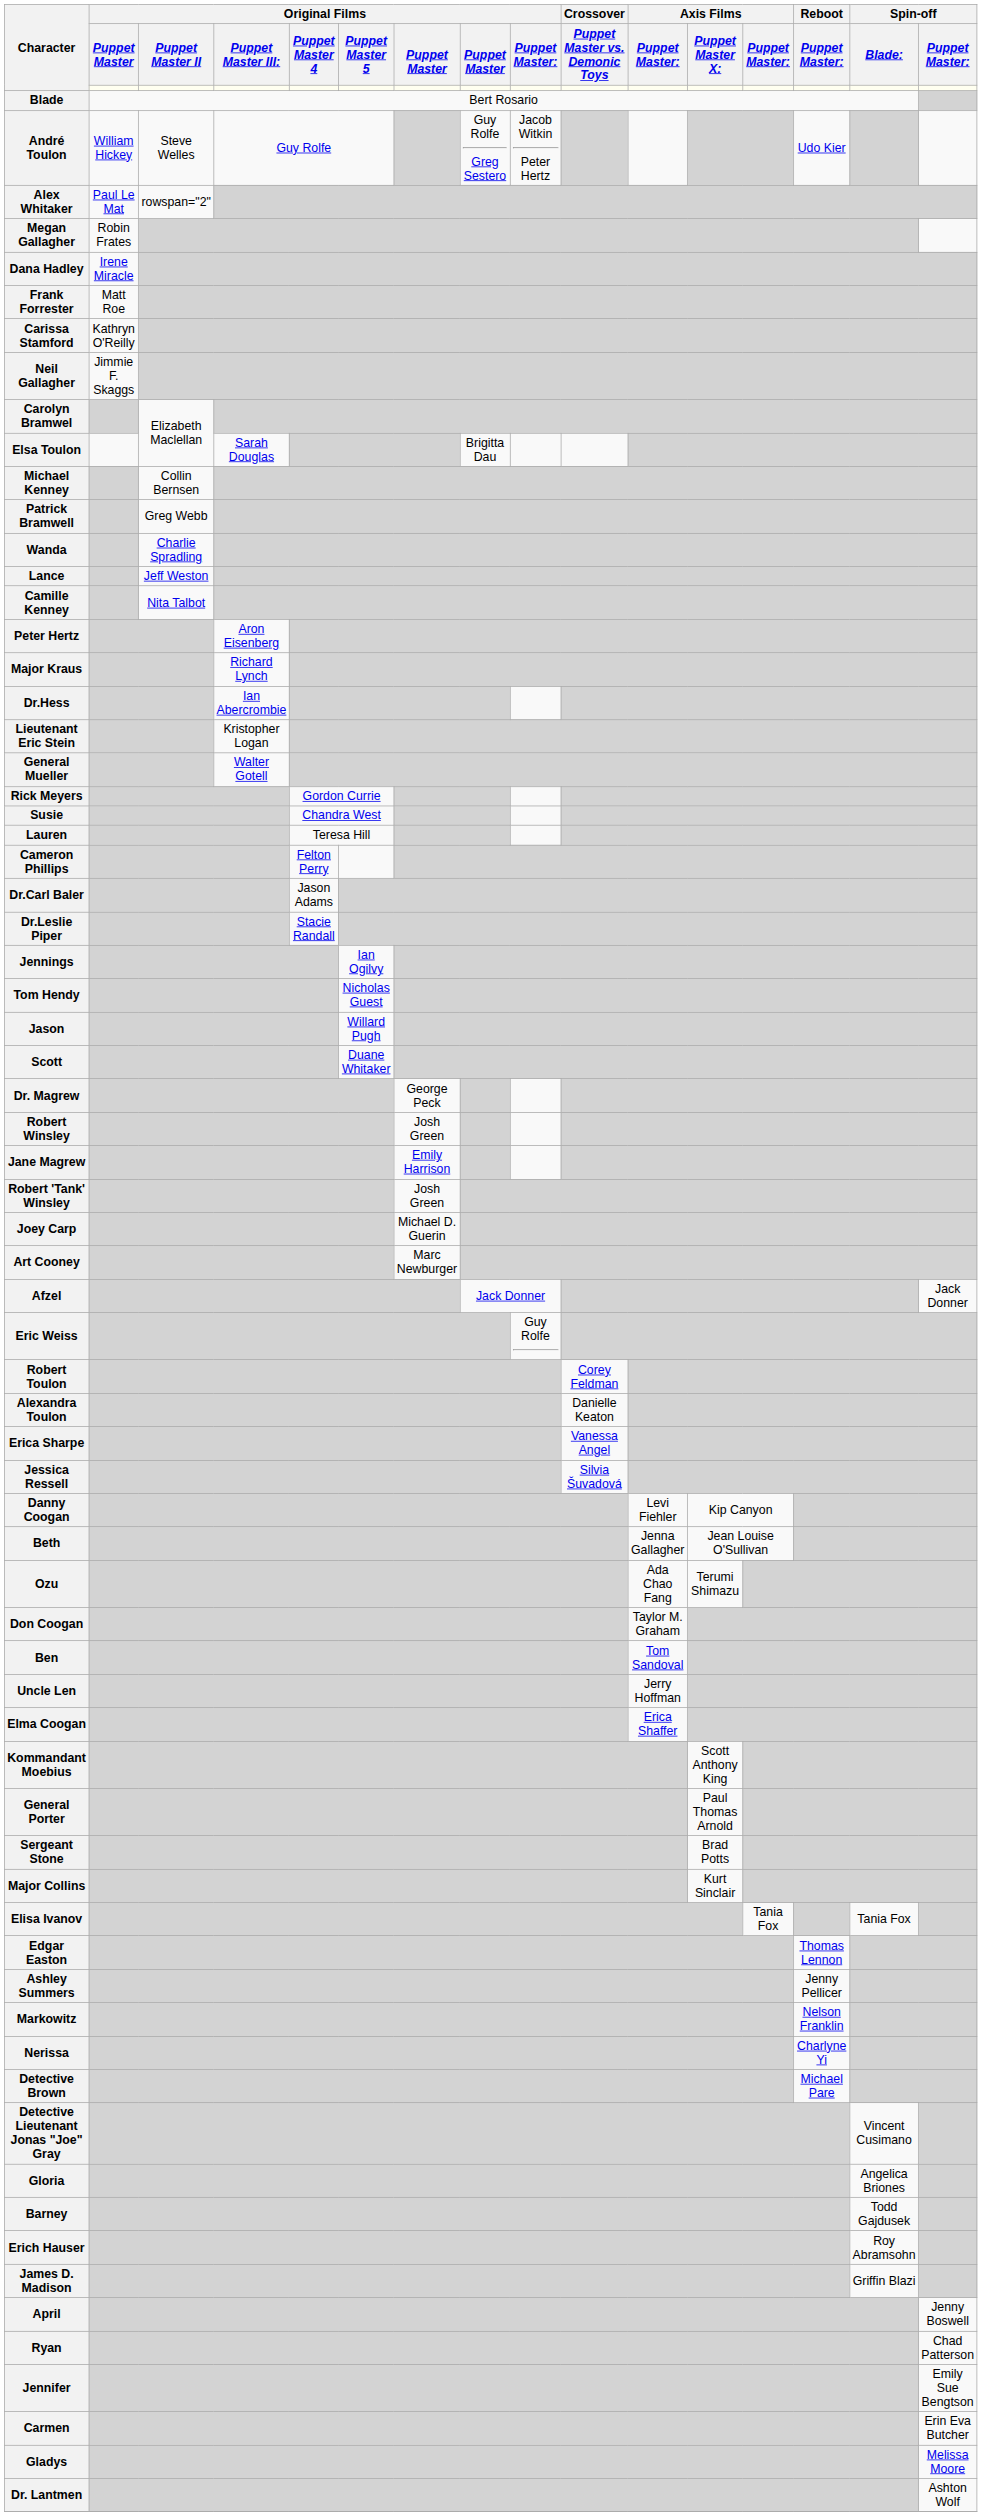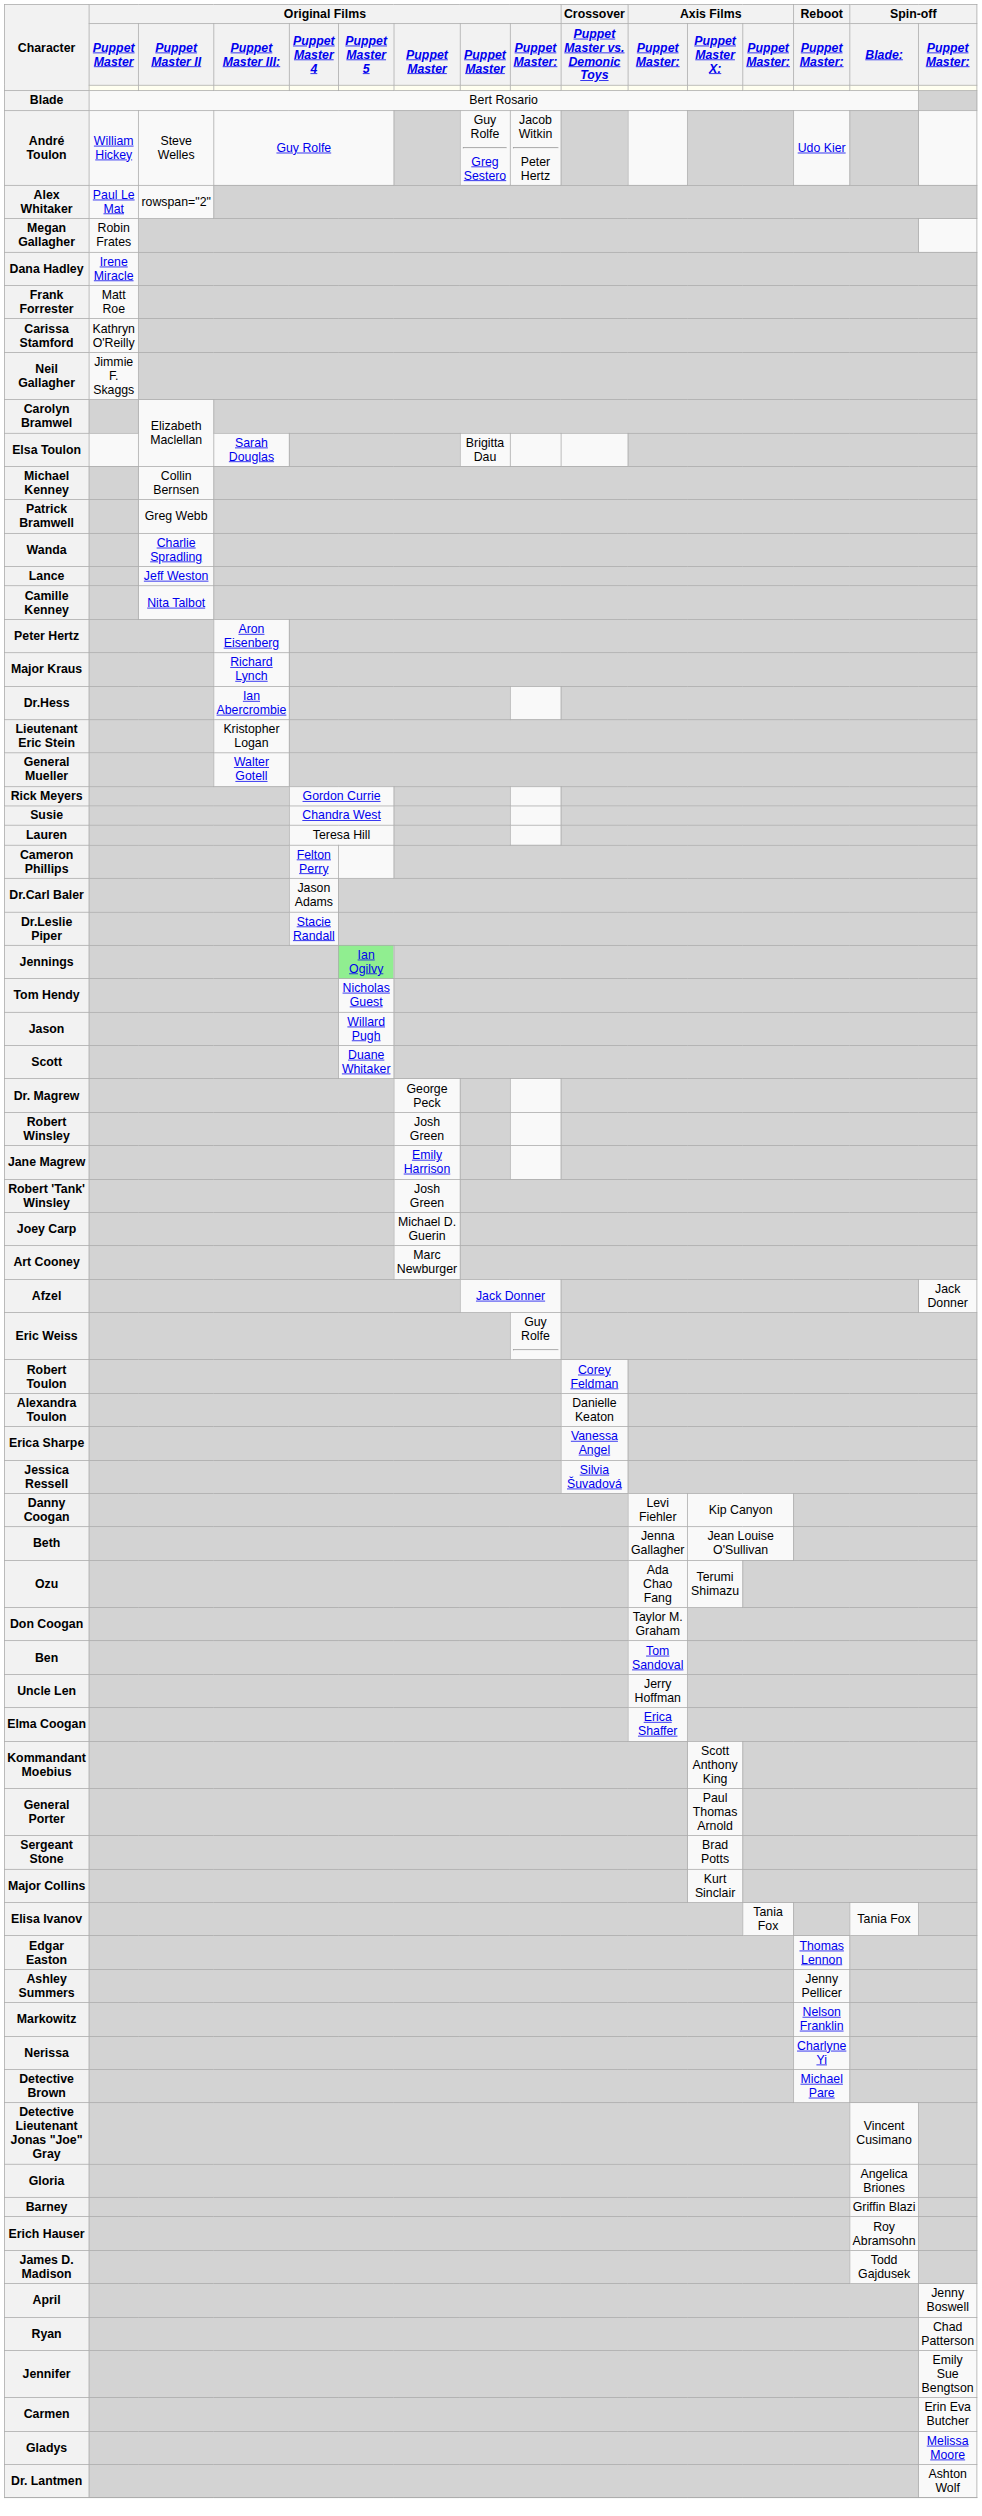 <table class="wikitable" style="text-align:center" width=100%>
 <tr>
 <th rowspan="3" width="6%">Character</th>
 <th colspan="8" align="center">Original Films</th>
 <th colspan="1" align="center">Crossover</th>
 <th colspan="3" align="center">Axis Films</th>
 <th colspan="1" align="center">Reboot</th>
 <th colspan="2" align="center">Spin-off</th>
 </tr>
 <tr>
 <th align="center" width="7%"><em><a href='#'>Puppet Master</a></em></th>
 <th align="center" width="7%"><em><a href='#'>Puppet Master II</a></em></th>
 <th align="center" width="7%"><em><a href='#'>Puppet Master III:<br></a></em></th>
 <th align="center" width="7%"><em><a href='#'>Puppet Master 4</a></em></th>
 <th align="center" width="7%"><em><a href='#'>Puppet Master 5</a></em></th>
 <th align="center" width="7%"><em><a href='#'><br>Puppet Master</a></em></th>
 <th align="center" width="7%"><em><a href='#'><br>Puppet Master</a></em></th>
 <th align="center" width="7%"><em><a href='#'>Puppet Master:<br></a></em></th>
 <th align="center" width="7%"><em><a href='#'>Puppet Master vs. Demonic Toys</a></em></th>
 <th align="center" width="7%"><em><a href='#'>Puppet Master:<br></a></em></th>
 <th align="center" width="7%"><em><a href='#'>Puppet Master X:<br></a></em></th>
 <th align="center" width="7%"><em><a href='#'>Puppet Master:<br></a></em></th>
 <th align="center" width="7%"><em><a href='#'>Puppet Master:<br></a></em></th>
 <th align="center" width="7%"><em><a href='#'>Blade:<br></a></em></th>
 <th align="center" width="7%"><em><a href='#'>Puppet Master:<br></a></em></th>
 </tr>
 <tr>
 <th style="background-color:ivory;"><span></span></th>
 <th style="background-color:ivory;"><span></span></th>
 <th style="background-color:ivory;"><span></span></th>
 <th style="background-color:ivory;"><span></span></th>
 <th style="background-color:ivory;"><span></span></th>
 <th style="background-color:ivory;"><span></span></th>
 <th style="background-color:ivory;"><span></span></th>
 <th style="background-color:ivory;"><span></span></th>
 <th style="background-color:ivory;"><span></span></th>
 <th style="background-color:ivory;"><span></span></th>
 <th style="background-color:ivory;"><span></span></th>
 <th style="background-color:ivory;"><span></span></th>
 <th style="background-color:ivory;"><span></span></th>
 <th style="background-color:ivory;"><span></span></th>
 <th style="background-color:ivory;"><span></span></th>
 </tr>
 <tr>
 <th>Blade</th>
 <td colspan="14">Bert Rosario</td>
 <td style="background-color: #d3d3d3"></td>
 </tr>
 <tr>
 <th>André Toulon</th>
 <td><a href='#'>William Hickey</a></td>
 <td>Steve Welles</td>
 <td colspan="3"><a href='#'>Guy Rolfe</a></td>
 <td style="background-color: #d3d3d3"></td>
 <td>Guy Rolfe<hr><a href='#'>Greg Sestero</a></td>
 <td>Jacob Witkin<hr>Peter Hertz</td>
 <td style="background-color: #d3d3d3"></td>
 <td></td>
 <td colspan="2" style="background-color: #d3d3d3"></td>
 <td><a href='#'>Udo Kier</a></td>
 <td style="background-color: #d3d3d3"></td>
 <td></td>
 </tr>
 <tr>
 <th>Alex Whitaker</th>
 <td><a href='#'>Paul Le Mat</a></td>
 <td>rowspan="2" </td>
 <td colspan="13" style="background-color: #d3d3d3"></td>
 </tr>
 <tr>
 <th>Megan Gallagher</th>
 <td>Robin Frates</td>
 <td colspan="13" style="background-color: #d3d3d3"></td>
 </tr>
 <tr>
 <th>Dana Hadley</th>
 <td><a href='#'>Irene Miracle</a></td>
 <td colspan="14" style="background-color: #d3d3d3"></td>
 </tr>
 <tr>
 <th>Frank Forrester</th>
 <td>Matt Roe</td>
 <td colspan="14" style="background-color: #d3d3d3"></td>
 </tr>
 <tr>
 <th>Carissa Stamford</th>
 <td>Kathryn O'Reilly</td>
 <td colspan="14" style="background-color: #d3d3d3"></td>
 </tr>
 <tr>
 <th>Neil Gallagher</th>
 <td>Jimmie F. Skaggs</td>
 <td colspan="14" style="background-color: #d3d3d3"></td>
 </tr>
 <tr>
 <th>Carolyn Bramwel</th>
 <td style="background-color:#D3D3D3;"></td>
 <td rowspan="2">Elizabeth Maclellan</td>
 <td colspan="13" style="background-color: #d3d3d3"></td>
 </tr>
 <tr>
 <th>Elsa Toulon</th>
 <td></td>
 <td><a href='#'>Sarah Douglas</a></td>
 <td colspan="3" style="background-color: #d3d3d3"></td>
 <td>Brigitta Dau</td>
 <td></td>
 <td></td>
 <td colspan="6" style="background-color: #d3d3d3"></td>
 </tr>
 <tr>
 <th>Michael Kenney</th>
 <td style="background-color:#D3D3D3;"></td>
 <td>Collin Bernsen</td>
 <td colspan="13" style="background-color: #d3d3d3"></td>
 </tr>
 <tr>
 <th>Patrick Bramwell</th>
 <td style="background-color: #d3d3d3"></td>
 <td>Greg Webb</td>
 <td colspan="13" style="background-color: #d3d3d3"></td>
 </tr>
 <tr>
 <th>Wanda</th>
 <td style="background-color: #d3d3d3"></td>
 <td><a href='#'>Charlie Spradling</a></td>
 <td colspan="13" style="background-color: #d3d3d3"></td>
 </tr>
 <tr>
 <th>Lance</th>
 <td style="background-color: #d3d3d3"></td>
 <td><a href='#'>Jeff Weston</a></td>
 <td colspan="13" style="background-color: #d3d3d3"></td>
 </tr>
 <tr>
 <th>Camille Kenney</th>
 <td style="background-color: #d3d3d3"></td>
 <td><a href='#'>Nita Talbot</a></td>
 <td colspan="13" style="background-color: #d3d3d3"></td>
 </tr>
 <tr>
 <th>Peter Hertz</th>
 <td colspan="2" style="background-color:#D3D3D3;"></td>
 <td><a href='#'>Aron Eisenberg</a></td>
 <td colspan="12" style="background-color:#D3D3D3;"></td>
 </tr>
 <tr>
 <th>Major Kraus</th>
 <td colspan="2" style="background-color:#D3D3D3;"></td>
 <td><a href='#'>Richard Lynch</a></td>
 <td colspan="12" style="background-color:#D3D3D3;"></td>
 </tr>
 <tr>
 <th>Dr.Hess</th>
 <td colspan="2" style="background-color:#D3D3D3;"></td>
 <td><a href='#'>Ian Abercrombie</a></td>
 <td colspan="4" style="background-color:#D3D3D3;"></td>
 <td></td>
 <td colspan="7" style="background-color:#D3D3D3;"></td>
 </tr>
 <tr>
 <th>Lieutenant Eric Stein</th>
 <td colspan="2" style="background-color:#D3D3D3;"></td>
 <td>Kristopher Logan</td>
 <td colspan="12" style="background-color:#D3D3D3;"></td>
 </tr>
 <tr>
 <th>General Mueller</th>
 <td colspan="2" style="background-color:#D3D3D3;"></td>
 <td><a href='#'>Walter Gotell</a></td>
 <td colspan="12" style="background-color:#D3D3D3;"></td>
 </tr>
 <tr>
 <th>Rick Meyers</th>
 <td colspan="3" style="background-color:#D3D3D3;"></td>
 <td colspan="2"><a href='#'>Gordon Currie</a></td>
 <td colspan="2" style="background-color:#D3D3D3;"></td>
 <td></td>
 <td colspan="7" style="background-color:#D3D3D3;"></td>
 </tr>
 <tr>
 <th>Susie</th>
 <td colspan="3" style="background-color:#D3D3D3;"></td>
 <td colspan="2"><a href='#'>Chandra West</a></td>
 <td colspan="2" style="background-color:#D3D3D3;"></td>
 <td></td>
 <td colspan="7" style="background-color:#D3D3D3;"></td>
 </tr>
 <tr>
 <th>Lauren</th>
 <td colspan="3" style="background-color:#D3D3D3;"></td>
 <td colspan="2">Teresa Hill</td>
 <td colspan="2" style="background-color:#D3D3D3;"></td>
 <td></td>
 <td colspan="7" style="background-color:#D3D3D3;"></td>
 </tr>
 <tr>
 <th>Cameron Phillips</th>
 <td colspan="3" style="background-color:#D3D3D3;"></td>
 <td><a href='#'>Felton Perry</a></td>
 <td></td>
 <td colspan="10" style="background-color:#D3D3D3;"></td>
 </tr>
 <tr>
 <th>Dr.Carl Baler</th>
 <td colspan="3" style="background-color:#D3D3D3;"></td>
 <td>Jason Adams</td>
 <td colspan="11" style="background-color:#D3D3D3;"></td>
 </tr>
 <tr>
 <th>Dr.Leslie Piper</th>
 <td colspan="3" style="background-color:#D3D3D3;"></td>
 <td><a href='#'>Stacie Randall</a></td>
 <td colspan="11" style="background-color:#D3D3D3;"></td>
 </tr>
 <tr>
 <th>Jennings</th>
 <td colspan="4" style="background-color:#D3D3D3;"></td>
-<td><a href='#'>Ian Ogilvy</a></td>
+<td style="background: lightgreen;"><a href='#'>Ian Ogilvy</a></td>
 <td colspan="10" style="background-color:#D3D3D3;"></td>
 </tr>
 <tr>
 <th>Tom Hendy</th>
 <td colspan="4" style="background-color:#D3D3D3;"></td>
 <td><a href='#'>Nicholas Guest</a></td>
 <td colspan="10" style="background-color:#D3D3D3;"></td>
 </tr>
 <tr>
 <th>Jason</th>
 <td colspan="4" style="background-color:#D3D3D3;"></td>
 <td><a href='#'>Willard Pugh</a></td>
 <td colspan="10" style="background-color:#D3D3D3;"></td>
 </tr>
 <tr>
 <th>Scott</th>
 <td colspan="4" style="background-color:#D3D3D3;"></td>
 <td><a href='#'>Duane Whitaker</a></td>
 <td colspan="10" style="background-color:#D3D3D3;"></td>
 </tr>
 <tr>
 <th>Dr. Magrew</th>
 <td colspan="5" style="background-color:#D3D3D3;"></td>
 <td>George Peck</td>
 <td style="background-color:#D3D3D3;"></td>
 <td></td>
 <td colspan="7" style="background-color:#D3D3D3;"></td>
 </tr>
 <tr>
 <th>Robert Winsley</th>
 <td colspan="5" style="background-color:#D3D3D3;"></td>
 <td>Josh Green</td>
 <td style="background-color:#D3D3D3;"></td>
 <td></td>
 <td colspan="7" style="background-color:#D3D3D3;"></td>
 </tr>
 <tr>
 <th>Jane Magrew</th>
 <td colspan="5" style="background-color:#D3D3D3;"></td>
 <td><a href='#'>Emily Harrison</a></td>
 <td style="background-color:#D3D3D3;"></td>
 <td></td>
 <td colspan="7" style="background-color:#D3D3D3;"></td>
 </tr>
 <tr>
 <th>Robert 'Tank' Winsley</th>
 <td colspan="5" style="background-color:#D3D3D3;"></td>
 <td>Josh Green</td>
 <td colspan="9" style="background-color:#D3D3D3;"></td>
 </tr>
 <tr>
 <th>Joey Carp</th>
 <td colspan="5" style="background-color:#D3D3D3;"></td>
 <td>Michael D. Guerin</td>
 <td colspan="9" style="background-color:#D3D3D3;"></td>
 </tr>
 <tr>
 <th>Art Cooney</th>
 <td colspan="5" style="background-color:#D3D3D3;"></td>
 <td>Marc Newburger</td>
 <td colspan="9" style="background-color:#D3D3D3;"></td>
 </tr>
 <tr>
 <th>Afzel</th>
 <td colspan="6" style="background-color:#D3D3D3;"></td>
 <td colspan="2"><a href='#'>Jack Donner</a></td>
 <td colspan="6" style="background-color:#D3D3D3;"></td>
 <td>Jack Donner</td>
 </tr>
 <tr>
 <th>Eric Weiss</th>
 <td colspan="7" style="background-color:#D3D3D3;"></td>
 <td>Guy Rolfe<hr></td>
 <td colspan="7" style="background-color:#D3D3D3;"></td>
 </tr>
 <tr>
 <th>Robert Toulon</th>
 <td colspan="8" style="background-color:#D3D3D3;"></td>
 <td><a href='#'>Corey Feldman</a></td>
 <td colspan="6" style="background-color:#D3D3D3;"></td>
 </tr>
 <tr>
 <th>Alexandra Toulon</th>
 <td colspan="8" style="background-color:#D3D3D3;"></td>
 <td>Danielle Keaton</td>
 <td colspan="6" style="background-color:#D3D3D3;"></td>
 </tr>
 <tr>
 <th>Erica Sharpe</th>
 <td colspan="8" style="background-color:#D3D3D3;"></td>
 <td><a href='#'>Vanessa Angel</a></td>
 <td colspan="6" style="background-color:#D3D3D3;"></td>
 </tr>
 <tr>
 <th>Jessica Ressell</th>
 <td colspan="8" style="background-color:#D3D3D3;"></td>
 <td><a href='#'>Silvia Šuvadová</a></td>
 <td colspan="6" style="background-color:#D3D3D3;"></td>
 </tr>
 <tr>
 <th>Danny Coogan</th>
 <td colspan="9" style="background-color:#D3D3D3;"></td>
 <td>Levi Fiehler</td>
 <td colspan="2">Kip Canyon</td>
 <td colspan="3" style="background-color:#D3D3D3;"></td>
 </tr>
 <tr>
 <th>Beth</th>
 <td colspan="9" style="background-color:#D3D3D3;"></td>
 <td>Jenna Gallagher</td>
 <td colspan="2">Jean Louise O'Sullivan</td>
 <td colspan="3" style="background-color:#D3D3D3;"></td>
 </tr>
 <tr>
 <th>Ozu</th>
 <td colspan="9" style="background-color:#D3D3D3;"></td>
 <td>Ada Chao Fang</td>
 <td>Terumi Shimazu</td>
 <td colspan="4" style="background-color:#D3D3D3;"></td>
 </tr>
 <tr>
 <th>Don Coogan</th>
 <td colspan="9" style="background-color:#D3D3D3;"></td>
 <td>Taylor M. Graham</td>
 <td colspan="5" style="background-color:#D3D3D3;"></td>
 </tr>
 <tr>
 <th>Ben<br></th>
 <td colspan="9" style="background-color:#D3D3D3;"></td>
 <td><a href='#'>Tom Sandoval</a></td>
 <td colspan="5" style="background-color:#D3D3D3;"></td>
 </tr>
 <tr>
 <th>Uncle Len</th>
 <td colspan="9" style="background-color:#D3D3D3;"></td>
 <td>Jerry Hoffman</td>
 <td colspan="5" style="background-color:#D3D3D3;"></td>
 </tr>
 <tr>
 <th>Elma Coogan</th>
 <td colspan="9" style="background-color:#D3D3D3;"></td>
 <td><a href='#'>Erica Shaffer</a></td>
 <td colspan="5" style="background-color:#D3D3D3;"></td>
 </tr>
 <tr>
 <th>Kommandant Moebius</th>
 <td colspan="10" style="background-color:#D3D3D3;"></td>
 <td>Scott Anthony King</td>
 <td colspan="4" style="background-color:#D3D3D3;"></td>
 </tr>
 <tr>
 <th>General Porter</th>
 <td colspan="10" style="background-color:#D3D3D3;"></td>
 <td>Paul Thomas Arnold</td>
 <td colspan="4" style="background-color:#D3D3D3;"></td>
 </tr>
 <tr>
 <th>Sergeant Stone</th>
 <td colspan="10" style="background-color:#D3D3D3;"></td>
 <td>Brad Potts</td>
 <td colspan="4" style="background-color:#D3D3D3;"></td>
 </tr>
 <tr>
 <th>Major Collins</th>
 <td colspan="10" style="background-color:#D3D3D3;"></td>
 <td>Kurt Sinclair</td>
 <td colspan="4" style="background-color:#D3D3D3;"></td>
 </tr>
 <tr>
 <th>Elisa Ivanov</th>
 <td colspan="11" style="background-color:#D3D3D3;"></td>
 <td>Tania Fox</td>
 <td style="background-color:#D3D3D3;"></td>
 <td>Tania Fox</td>
 <td style="background-color: #d3d3d3"></td>
 </tr>
 <tr>
 <th>Edgar Easton</th>
 <td colspan="12" style="background-color:#D3D3D3;"></td>
 <td><a href='#'>Thomas Lennon</a></td>
 <td colspan="2" style="background-color: #D3D3D3"></td>
 </tr>
 <tr>
 <th>Ashley Summers</th>
 <td colspan="12" style="background-color:#D3D3D3;"></td>
 <td>Jenny Pellicer</td>
 <td colspan="2" style="background-color: #D3D3D3"></td>
 </tr>
 <tr>
 <th>Markowitz</th>
 <td colspan="12" style="background-color:#D3D3D3;"></td>
 <td><a href='#'>Nelson Franklin</a></td>
 <td colspan="2" style="background-color: #D3D3D3"></td>
 </tr>
 <tr>
 <th>Nerissa</th>
 <td colspan="12" style="background-color:#D3D3D3;"></td>
 <td><a href='#'>Charlyne Yi</a></td>
 <td colspan="2" style="background-color: #D3D3D3"></td>
 </tr>
 <tr>
 <th>Detective Brown</th>
 <td colspan="12" style="background-color:#D3D3D3;"></td>
 <td><a href='#'>Michael Pare</a></td>
 <td colspan="2" style="background-color: #D3D3D3"></td>
 </tr>
 <tr>
 <th>Detective Lieutenant Jonas "Joe" Gray</th>
 <td colspan="13" style="background-color:#D3D3D3;"></td>
 <td>Vincent Cusimano</td>
 <td style="background-color: #d3d3d3"></td>
 </tr>
 <tr>
 <th>Gloria</th>
 <td colspan="13" style="background-color:#D3D3D3;"></td>
 <td>Angelica Briones</td>
 <td style="background-color: #d3d3d3"></td>
 </tr>
 <tr>
 <th>Barney</th>
 <td colspan="13" style="background-color:#D3D3D3;"></td>
-<td>Todd Gajdusek</td>
+<td>Griffin Blazi</td>
 <td style="background-color: #d3d3d3"></td>
 </tr>
 <tr>
 <th>Erich Hauser</th>
 <td colspan="13" style="background-color:#D3D3D3;"></td>
 <td>Roy Abramsohn</td>
 <td style="background-color: #d3d3d3"></td>
 </tr>
 <tr>
 <th>James D. Madison</th>
 <td colspan="13" style="background-color:#D3D3D3;"></td>
-<td>Griffin Blazi</td>
+<td>Todd Gajdusek</td>
 <td style="background-color: #d3d3d3"></td>
 </tr>
 <tr>
 <th>April</th>
 <td colspan="14" style="background-color:#D3D3D3;"></td>
 <td>Jenny Boswell</td>
 </tr>
 <tr>
 <th>Ryan</th>
 <td colspan="14" style="background-color:#D3D3D3;"></td>
 <td>Chad Patterson</td>
 </tr>
 <tr>
 <th>Jennifer</th>
 <td colspan="14" style="background-color:#D3D3D3;"></td>
 <td>Emily Sue Bengtson</td>
 </tr>
 <tr>
 <th>Carmen</th>
 <td colspan="14" style="background-color:#D3D3D3;"></td>
 <td>Erin Eva Butcher</td>
 </tr>
 <tr>
 <th>Gladys</th>
 <td colspan="14" style="background-color:#D3D3D3;"></td>
 <td><a href='#'>Melissa Moore</a></td>
 </tr>
 <tr>
 <th>Dr. Lantmen</th>
 <td colspan="14" style="background-color:#D3D3D3;"></td>
 <td>Ashton Wolf</td>
 </tr>
 <tr>
 </tr>
 </table>
